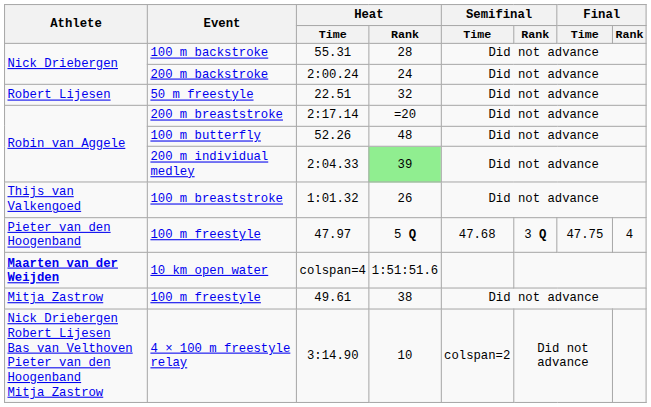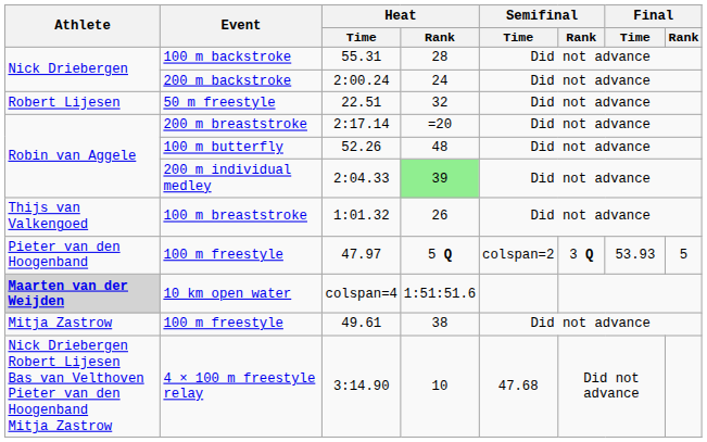 <table class=wikitable style="font-size:90%">
 <tr>
 <th rowspan="2">Athlete</th>
 <th rowspan="2">Event</th>
 <th colspan="2">Heat</th>
 <th colspan="2">Semifinal</th>
 <th colspan="2">Final</th>
 </tr>
 <tr style="font-size:95%">
 <th>Time</th>
 <th>Rank</th>
 <th>Time</th>
 <th>Rank</th>
 <th>Time</th>
 <th>Rank</th>
 </tr>
 <tr align=center>
 <td align=left rowspan=2><a href='#'>Nick Driebergen</a></td>
 <td align=left><a href='#'>100 m backstroke</a></td>
 <td>55.31</td>
 <td>28</td>
 <td colspan=4>Did not advance</td>
 </tr>
 <tr align=center>
 <td align=left><a href='#'>200 m backstroke</a></td>
 <td>2:00.24</td>
 <td>24</td>
 <td colspan=4>Did not advance</td>
 </tr>
 <tr align=center>
 <td align=left><a href='#'>Robert Lijesen</a></td>
 <td align=left><a href='#'>50 m freestyle</a></td>
 <td>22.51</td>
 <td>32</td>
 <td colspan=4>Did not advance</td>
 </tr>
 <tr align=center>
 <td align=left rowspan=3><a href='#'>Robin van Aggele</a></td>
 <td align=left><a href='#'>200 m breaststroke</a></td>
 <td>2:17.14</td>
 <td>=20</td>
 <td colspan=4>Did not advance</td>
 </tr>
 <tr align=center>
 <td align=left><a href='#'>100 m butterfly</a></td>
 <td>52.26</td>
 <td>48</td>
 <td colspan=4>Did not advance</td>
 </tr>
 <tr align=center>
 <td align=left><a href='#'>200 m individual medley</a></td>
 <td>2:04.33</td>
 <td style="background: lightgreen;">39</td>
 <td colspan=4>Did not advance</td>
 </tr>
 <tr align=center>
 <td align=left><a href='#'>Thijs van Valkengoed</a></td>
 <td align=left><a href='#'>100 m breaststroke</a></td>
 <td>1:01.32</td>
 <td>26</td>
 <td colspan=4>Did not advance</td>
 </tr>
 <tr align=center>
 <td align=left><a href='#'>Pieter van den Hoogenband</a></td>
 <td align=left><a href='#'>100 m freestyle</a></td>
 <td>47.97</td>
 <td>5 <strong>Q</strong></td>
-<td>47.68</td>
+<td>colspan=2 </td>
 <td>3 <strong>Q</strong></td>
-<td>47.75</td>
-<td>4</td>
+<td>53.93</td>
+<td>5</td>
 </tr>
 <tr align=center>
-<td align=left><strong><a href='#'>Maarten van der Weijden</a></strong></td>
+<td align=left style="background: lightgrey;"><strong><a href='#'>Maarten van der Weijden</a></strong></td>
 <td align=left><a href='#'>10 km open water</a></td>
 <td>colspan=4 </td>
 <td>1:51:51.6</td>
 <td></td>
 </tr>
 <tr align=center>
 <td align=left><a href='#'>Mitja Zastrow</a></td>
 <td align=left><a href='#'>100 m freestyle</a></td>
 <td>49.61</td>
 <td>38</td>
 <td colspan=4>Did not advance</td>
 </tr>
 <tr align=center>
 <td align=left><a href='#'>Nick Driebergen</a><br><a href='#'>Robert Lijesen</a><br><a href='#'>Bas van Velthoven</a><br><a href='#'>Pieter van den Hoogenband</a><br><a href='#'>Mitja Zastrow</a></td>
 <td align=left><a href='#'>4 × 100 m freestyle relay</a></td>
 <td>3:14.90</td>
 <td>10</td>
-<td>colspan=2 </td>
+<td>47.68</td>
 <td colspan=2>Did not advance</td>
 </tr>
 </table>
